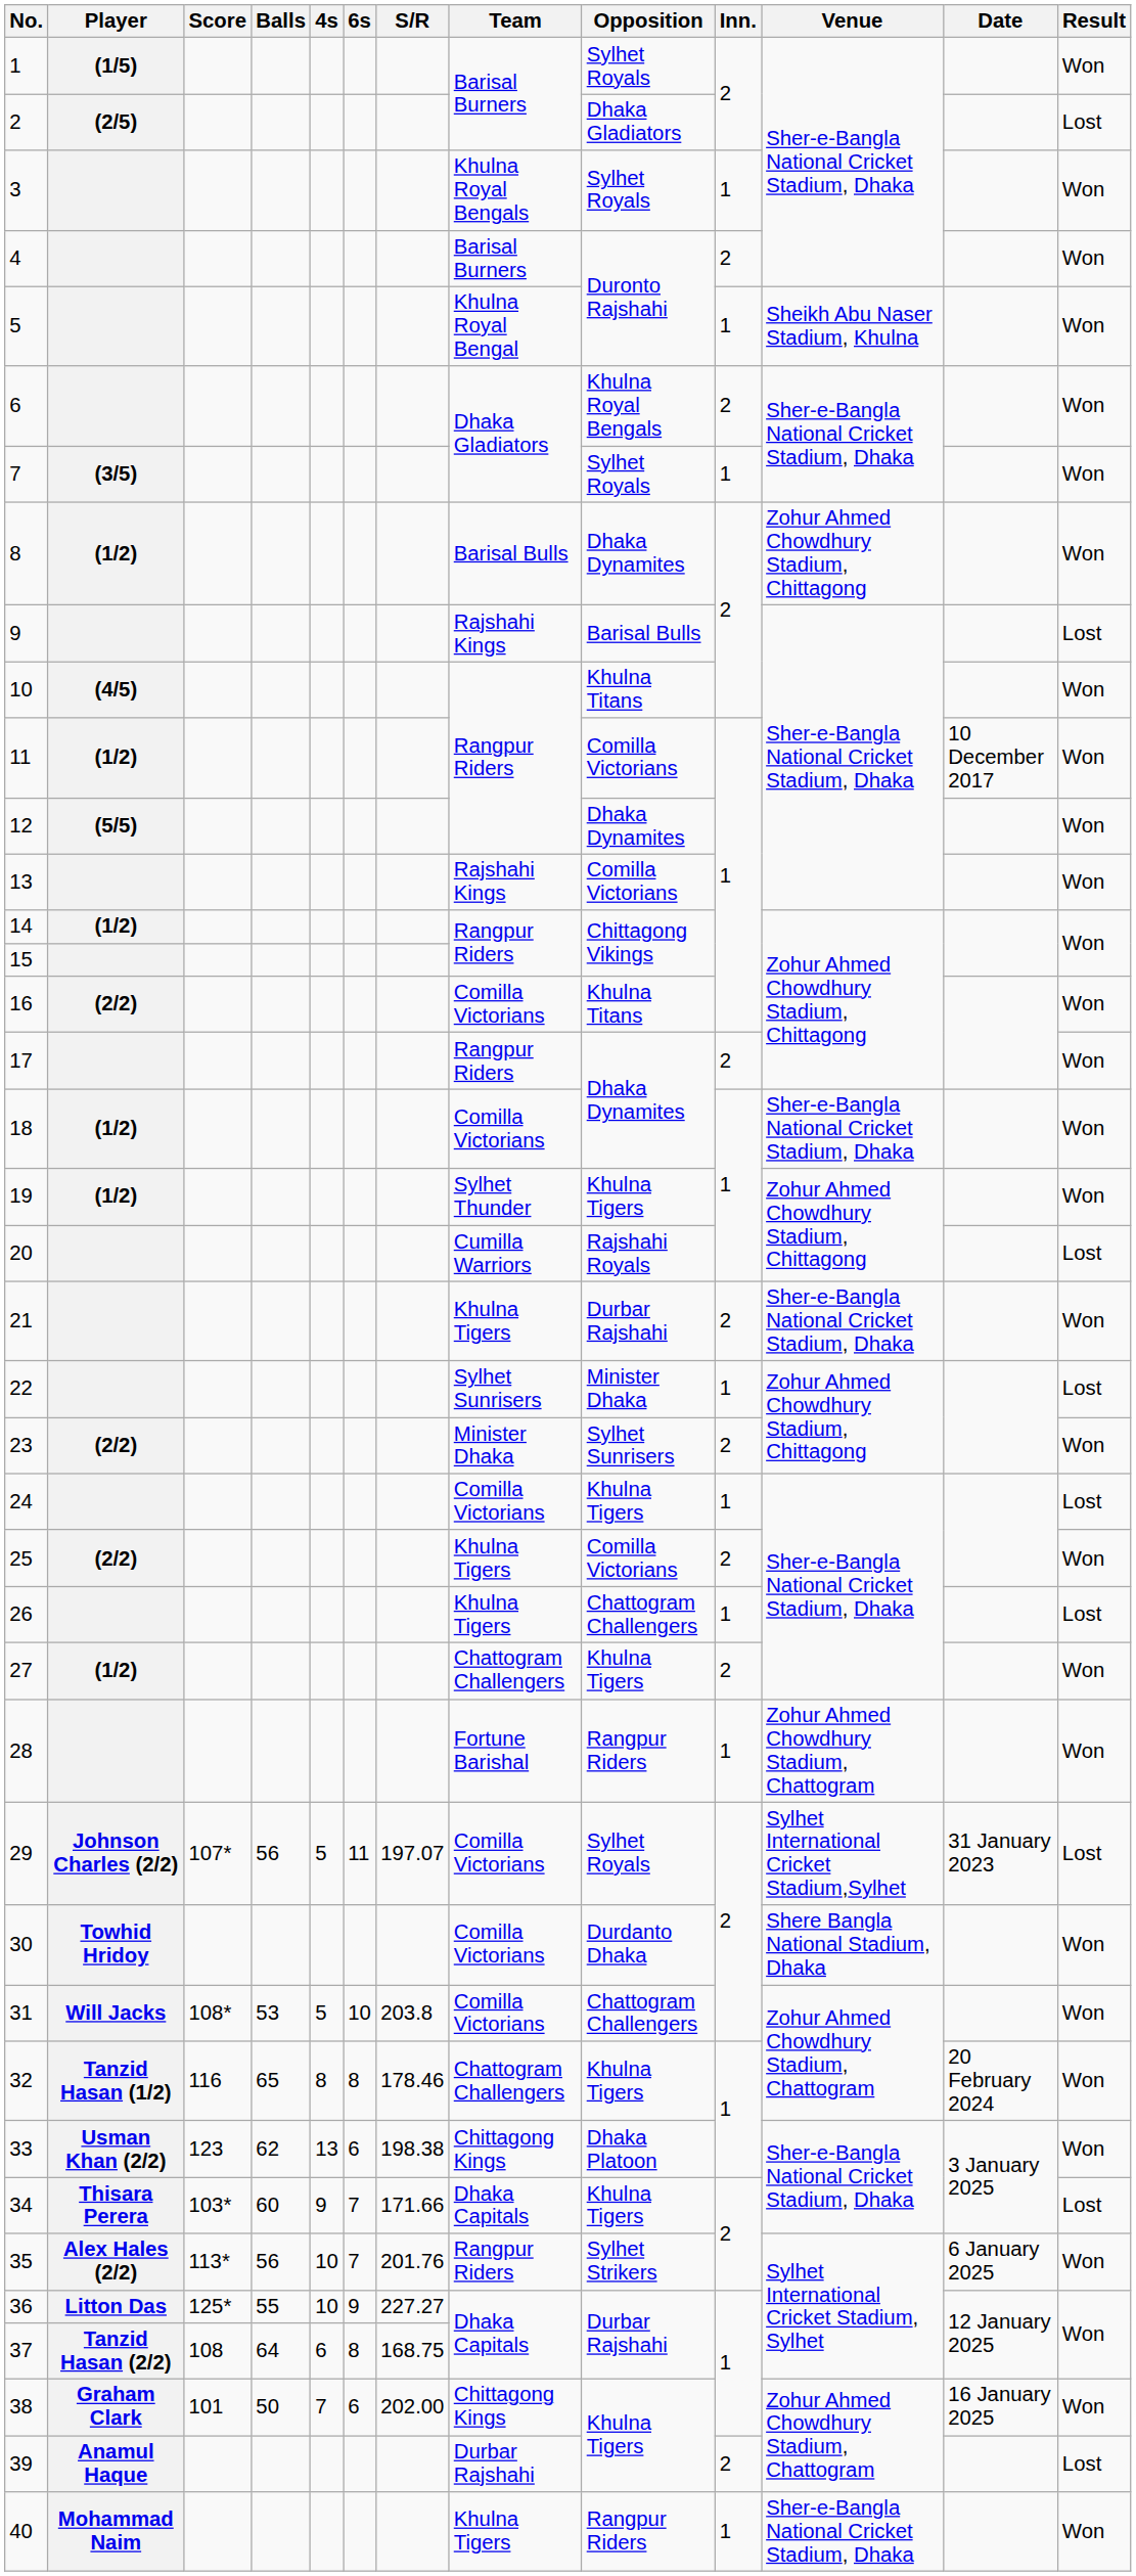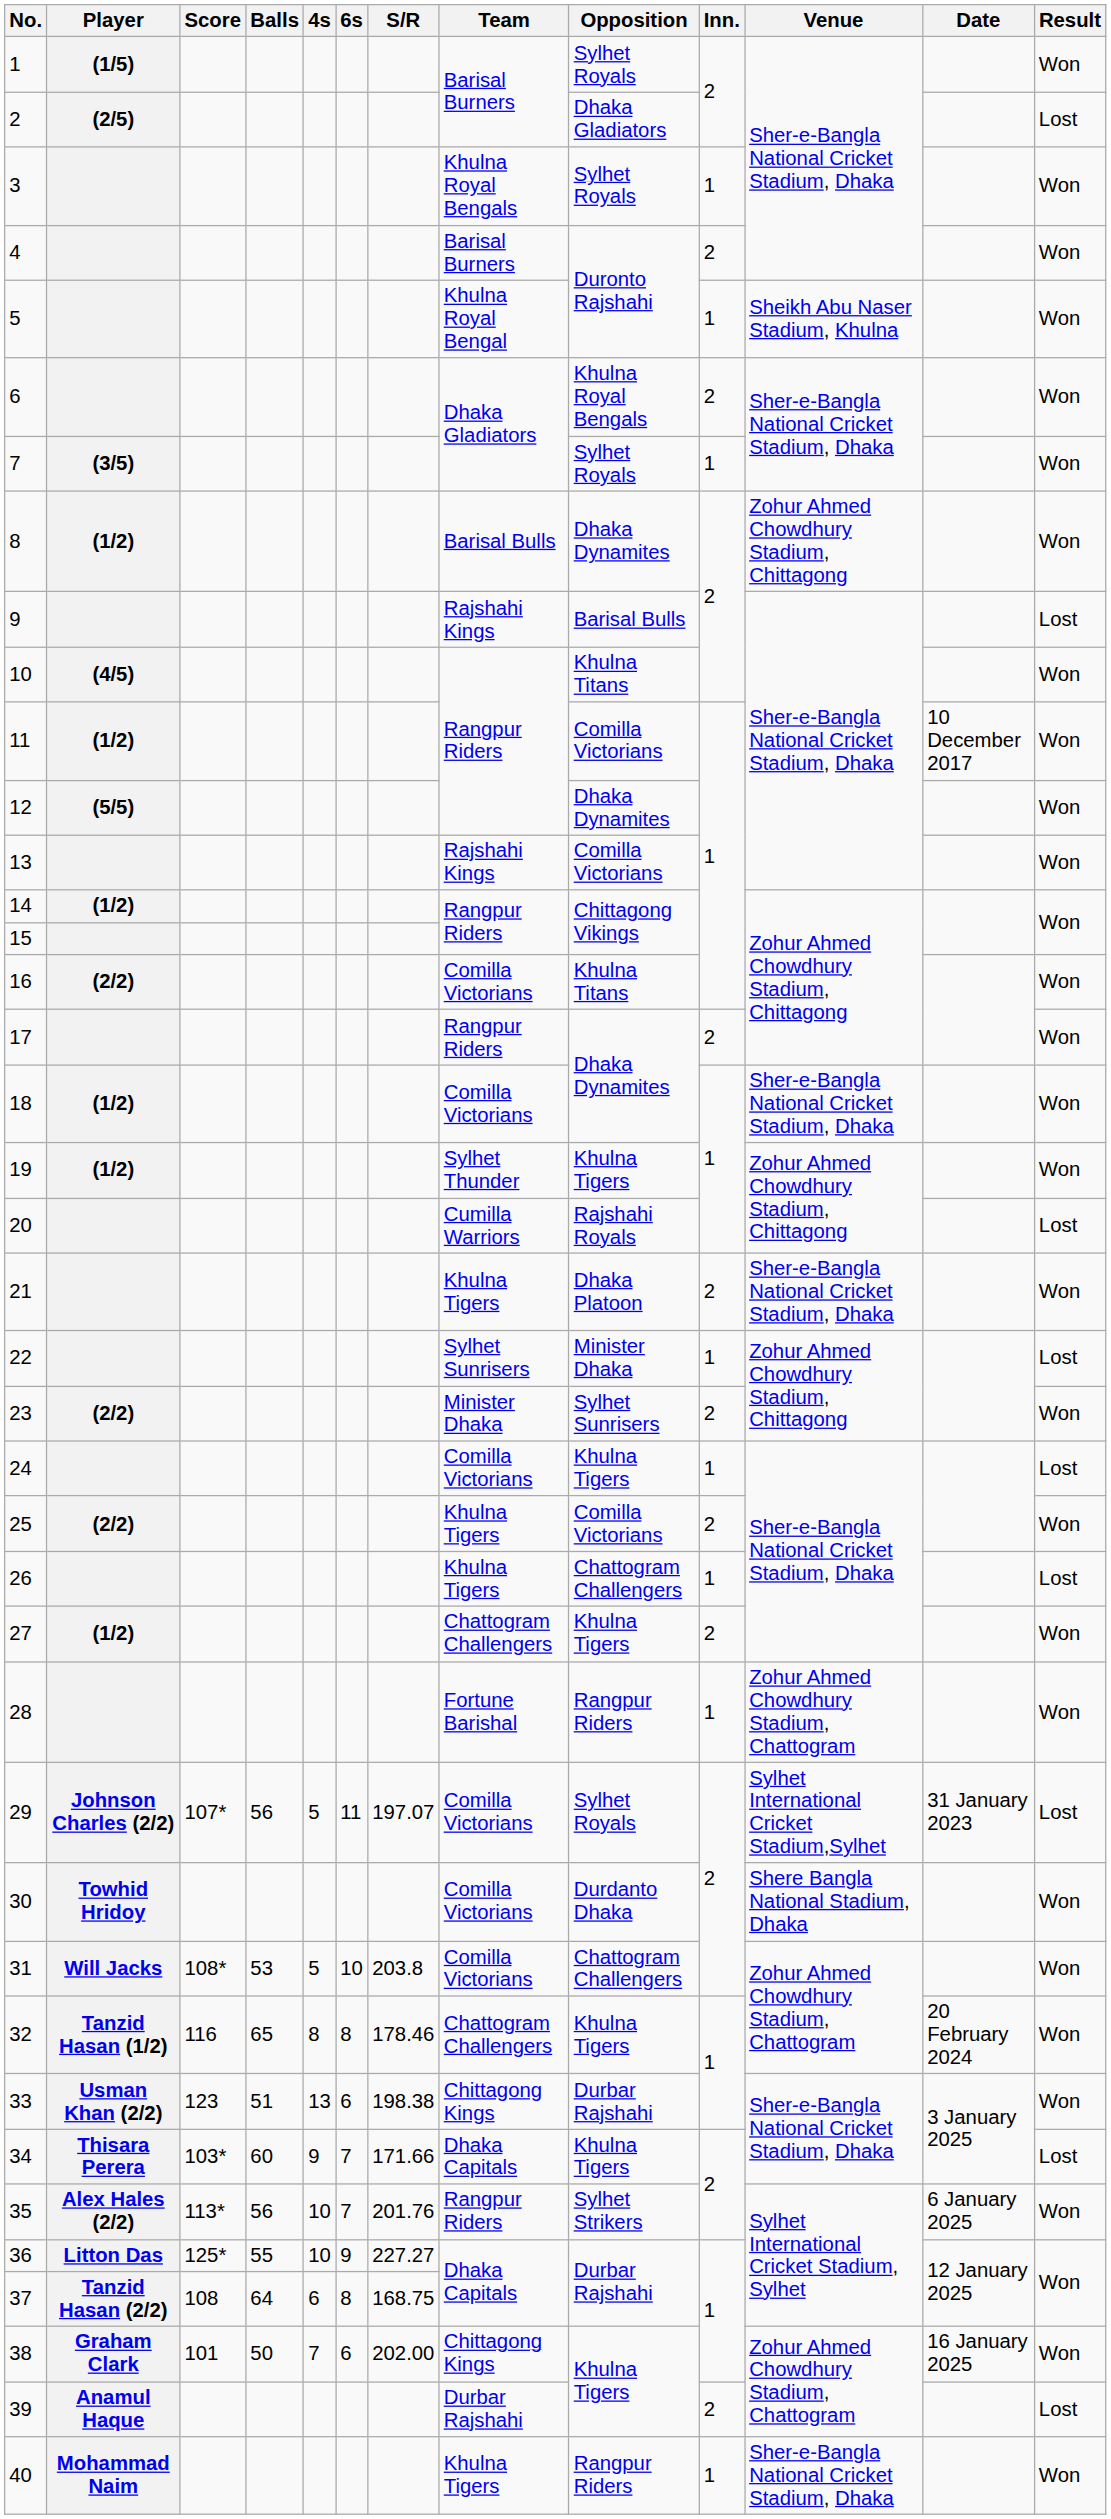 <table class="wikitable plainrowheaders sortable">
 <tr>
 <th>No.</th>
 <th>Player</th>
 <th>Score</th>
 <th>Balls</th>
 <th>4s</th>
 <th>6s</th>
 <th>S/R</th>
 <th>Team</th>
 <th>Opposition</th>
 <th>Inn.</th>
 <th>Venue</th>
 <th>Date</th>
 <th style="white=space:nowrap">Result</th>
 </tr>
 <tr>
 <td>1</td>
 <th scope="row">  (1/5)</th>
 <td></td>
 <td></td>
 <td></td>
 <td></td>
 <td></td>
 <td rowspan=2><a href='#'>Barisal Burners</a></td>
 <td><a href='#'>Sylhet Royals</a></td>
 <td rowspan=2>2</td>
 <td rowspan=4><a href='#'>Sher-e-Bangla National Cricket Stadium</a>, <a href='#'>Dhaka</a></td>
 <td></td>
 <td>Won</td>
 </tr>
 <tr>
 <td>2</td>
 <th scope="row"> (2/5)</th>
 <td></td>
 <td></td>
 <td></td>
 <td></td>
 <td></td>
 <td><a href='#'>Dhaka Gladiators</a></td>
 <td></td>
 <td>Lost</td>
 </tr>
 <tr>
 <td>3</td>
 <th scope="row"></th>
 <td></td>
 <td></td>
 <td></td>
 <td></td>
 <td></td>
 <td><a href='#'>Khulna Royal Bengals</a></td>
 <td><a href='#'>Sylhet Royals</a></td>
 <td>1</td>
 <td></td>
 <td>Won</td>
 </tr>
 <tr>
 <td>4</td>
 <th scope="row"></th>
 <td></td>
 <td></td>
 <td></td>
 <td></td>
 <td></td>
 <td><a href='#'>Barisal Burners</a></td>
 <td rowspan=2><a href='#'>Duronto Rajshahi</a></td>
 <td>2</td>
 <td></td>
 <td>Won</td>
 </tr>
 <tr>
 <td>5</td>
 <th scope="row"> </th>
 <td></td>
 <td></td>
 <td></td>
 <td></td>
 <td></td>
 <td><a href='#'>Khulna Royal Bengal</a></td>
 <td>1</td>
 <td><a href='#'>Sheikh Abu Naser Stadium</a>, <a href='#'>Khulna</a></td>
 <td></td>
 <td>Won</td>
 </tr>
 <tr>
 <td>6</td>
 <th scope="row"> </th>
 <td></td>
 <td></td>
 <td></td>
 <td></td>
 <td></td>
 <td rowspan=2><a href='#'>Dhaka Gladiators</a></td>
 <td><a href='#'>Khulna Royal Bengals</a></td>
 <td>2</td>
 <td rowspan=2><a href='#'>Sher-e-Bangla National Cricket Stadium</a>, <a href='#'>Dhaka</a></td>
 <td></td>
 <td>Won</td>
 </tr>
 <tr>
 <td>7</td>
 <th scope="row">  (3/5)</th>
 <td></td>
 <td></td>
 <td></td>
 <td></td>
 <td></td>
 <td><a href='#'>Sylhet Royals</a></td>
 <td>1</td>
 <td></td>
 <td>Won</td>
 </tr>
 <tr>
 <td>8</td>
 <th scope="row">  (1/2)</th>
 <td></td>
 <td></td>
 <td></td>
 <td></td>
 <td></td>
 <td><a href='#'>Barisal Bulls</a></td>
 <td><a href='#'>Dhaka Dynamites</a></td>
 <td rowspan=3>2</td>
 <td><a href='#'>Zohur Ahmed Chowdhury Stadium</a>, <a href='#'>Chittagong</a></td>
 <td></td>
 <td>Won</td>
 </tr>
 <tr>
 <td>9</td>
 <th scope="row"> </th>
 <td></td>
 <td></td>
 <td></td>
 <td></td>
 <td></td>
 <td><a href='#'>Rajshahi Kings</a></td>
 <td><a href='#'>Barisal Bulls</a></td>
 <td rowspan=5><a href='#'>Sher-e-Bangla National Cricket Stadium</a>, <a href='#'>Dhaka</a></td>
 <td></td>
 <td>Lost</td>
 </tr>
 <tr>
 <td>10</td>
 <th scope="row">  (4/5)</th>
 <td></td>
 <td></td>
 <td></td>
 <td></td>
 <td></td>
 <td rowspan=3><a href='#'>Rangpur Riders</a></td>
 <td><a href='#'>Khulna Titans</a></td>
 <td></td>
 <td>Won</td>
 </tr>
 <tr>
 <td>11</td>
 <th scope="row"> (1/2)</th>
 <td></td>
 <td></td>
 <td></td>
 <td></td>
 <td></td>
 <td><a href='#'>Comilla Victorians</a></td>
 <td rowspan=6>1</td>
 <td>10 December 2017</td>
 <td>Won</td>
 </tr>
 <tr>
 <td>12</td>
 <th scope="row">  (5/5)</th>
 <td></td>
 <td></td>
 <td></td>
 <td></td>
 <td></td>
 <td><a href='#'>Dhaka Dynamites</a></td>
 <td></td>
 <td>Won</td>
 </tr>
 <tr>
 <td>13</td>
 <th scope="row"> </th>
 <td></td>
 <td></td>
 <td></td>
 <td></td>
 <td></td>
 <td><a href='#'>Rajshahi Kings</a></td>
 <td><a href='#'>Comilla Victorians</a></td>
 <td></td>
 <td>Won</td>
 </tr>
 <tr>
 <td>14</td>
 <th scope="row">  (1/2)</th>
 <td></td>
 <td></td>
 <td></td>
 <td></td>
 <td></td>
 <td rowspan=2><a href='#'>Rangpur Riders</a></td>
 <td rowspan=2><a href='#'>Chittagong Vikings</a></td>
 <td rowspan=4><a href='#'>Zohur Ahmed Chowdhury Stadium</a>, <a href='#'>Chittagong</a></td>
 <td rowspan=2></td>
 <td rowspan=2>Won</td>
 </tr>
 <tr>
 <td>15</td>
 <th scope="row"></th>
 <td></td>
 <td></td>
 <td></td>
 <td></td>
 <td></td>
 </tr>
 <tr>
 <td>16</td>
 <th scope="row">  (2/2)</th>
 <td></td>
 <td></td>
 <td></td>
 <td></td>
 <td></td>
 <td><a href='#'>Comilla Victorians</a></td>
 <td><a href='#'>Khulna Titans</a></td>
 <td rowspan=2></td>
 <td>Won</td>
 </tr>
 <tr>
 <td>17</td>
 <th scope="row"> </th>
 <td></td>
 <td></td>
 <td></td>
 <td></td>
 <td></td>
 <td><a href='#'>Rangpur Riders</a></td>
 <td rowspan=2><a href='#'>Dhaka Dynamites</a></td>
 <td>2</td>
 <td>Won</td>
 </tr>
 <tr>
 <td>18</td>
 <th scope="row">  (1/2)</th>
 <td></td>
 <td></td>
 <td></td>
 <td></td>
 <td></td>
 <td><a href='#'>Comilla Victorians</a></td>
 <td rowspan=3>1</td>
 <td><a href='#'>Sher-e-Bangla National Cricket Stadium</a>, <a href='#'>Dhaka</a></td>
 <td></td>
 <td>Won</td>
 </tr>
 <tr>
 <td>19</td>
 <th scope="row">  (1/2)</th>
 <td></td>
 <td></td>
 <td></td>
 <td></td>
 <td></td>
 <td><a href='#'>Sylhet Thunder</a></td>
 <td><a href='#'>Khulna Tigers</a></td>
 <td rowspan=2><a href='#'>Zohur Ahmed Chowdhury Stadium</a>, <a href='#'>Chittagong</a></td>
 <td></td>
 <td>Won</td>
 </tr>
 <tr>
 <td>20</td>
 <th scope="row"> </th>
 <td></td>
 <td></td>
 <td></td>
 <td></td>
 <td></td>
 <td><a href='#'>Cumilla Warriors</a></td>
 <td><a href='#'>Rajshahi Royals</a></td>
 <td></td>
 <td>Lost</td>
 </tr>
 <tr>
 <td>21</td>
 <th scope="row"> </th>
 <td></td>
 <td></td>
 <td></td>
 <td></td>
 <td></td>
 <td><a href='#'>Khulna Tigers</a></td>
-<td><a href='#'>Durbar Rajshahi</a></td>
+<td><a href='#'>Dhaka Platoon</a></td>
 <td>2</td>
 <td><a href='#'>Sher-e-Bangla National Cricket Stadium</a>, <a href='#'>Dhaka</a></td>
 <td></td>
 <td>Won</td>
 </tr>
 <tr>
 <td>22</td>
 <th scope="row"></th>
 <td></td>
 <td></td>
 <td></td>
 <td></td>
 <td></td>
 <td><a href='#'>Sylhet Sunrisers</a></td>
 <td><a href='#'>Minister Dhaka</a></td>
 <td>1</td>
 <td rowspan=2><a href='#'>Zohur Ahmed Chowdhury Stadium</a>, <a href='#'>Chittagong</a></td>
 <td rowspan=2></td>
 <td>Lost</td>
 </tr>
 <tr>
 <td>23</td>
 <th scope="row">  (2/2)</th>
 <td></td>
 <td></td>
 <td></td>
 <td></td>
 <td></td>
 <td><a href='#'>Minister Dhaka</a></td>
 <td><a href='#'>Sylhet Sunrisers</a></td>
 <td>2</td>
 <td>Won</td>
 </tr>
 <tr>
 <td>24</td>
 <th scope="row"></th>
 <td></td>
 <td></td>
 <td></td>
 <td></td>
 <td></td>
 <td><a href='#'>Comilla Victorians</a></td>
 <td><a href='#'>Khulna Tigers</a></td>
 <td>1</td>
 <td rowspan="4"><a href='#'>Sher-e-Bangla National Cricket Stadium</a>, <a href='#'>Dhaka</a></td>
 <td rowspan=2></td>
 <td>Lost</td>
 </tr>
 <tr>
 <td>25</td>
 <th scope="row">  (2/2)</th>
 <td></td>
 <td></td>
 <td></td>
 <td></td>
 <td></td>
 <td><a href='#'>Khulna Tigers</a></td>
 <td><a href='#'>Comilla Victorians</a></td>
 <td>2</td>
 <td>Won</td>
 </tr>
 <tr>
 <td>26</td>
 <th scope="row"></th>
 <td></td>
 <td></td>
 <td></td>
 <td></td>
 <td></td>
 <td><a href='#'>Khulna Tigers</a></td>
 <td><a href='#'>Chattogram Challengers</a></td>
 <td>1</td>
 <td></td>
 <td>Lost</td>
 </tr>
 <tr>
 <td>27</td>
 <th scope="row"> (1/2)</th>
 <td></td>
 <td></td>
 <td></td>
 <td></td>
 <td></td>
 <td><a href='#'>Chattogram Challengers</a></td>
 <td><a href='#'>Khulna Tigers</a></td>
 <td>2</td>
 <td></td>
 <td>Won</td>
 </tr>
 <tr>
 <td>28</td>
 <th scope="row"></th>
 <td></td>
 <td></td>
 <td></td>
 <td></td>
 <td></td>
 <td><a href='#'>Fortune Barishal</a></td>
 <td><a href='#'>Rangpur Riders</a></td>
 <td>1</td>
 <td><a href='#'>Zohur Ahmed Chowdhury Stadium</a>, <a href='#'>Chattogram</a></td>
 <td></td>
 <td>Won</td>
 </tr>
 <tr>
 <td>29</td>
 <th scope=row><a href='#'>Johnson Charles</a> (2/2)</th>
 <td>107*</td>
 <td>56</td>
 <td>5</td>
 <td>11</td>
 <td>197.07</td>
 <td><a href='#'>Comilla Victorians</a></td>
 <td><a href='#'>Sylhet Royals</a></td>
 <td rowspan="3">2</td>
 <td><a href='#'>Sylhet International Cricket Stadium</a>,<a href='#'>Sylhet</a></td>
 <td>31 January 2023</td>
 <td>Lost</td>
 </tr>
 <tr>
 <td>30</td>
 <th scope="row"><a href='#'>Towhid Hridoy</a></th>
 <td></td>
 <td></td>
 <td></td>
 <td></td>
 <td></td>
 <td><a href='#'>Comilla Victorians</a></td>
 <td><a href='#'>Durdanto Dhaka</a></td>
 <td><a href='#'>Shere Bangla National Stadium</a>, <a href='#'>Dhaka</a></td>
 <td></td>
 <td>Won</td>
 </tr>
 <tr>
 <td>31</td>
 <th scope=row><a href='#'>Will Jacks</a></th>
 <td>108*</td>
 <td>53</td>
 <td>5</td>
 <td>10</td>
 <td>203.8</td>
 <td><a href='#'>Comilla Victorians</a></td>
 <td><a href='#'>Chattogram Challengers</a></td>
 <td rowspan="2"><a href='#'>Zohur Ahmed Chowdhury Stadium</a>, <a href='#'>Chattogram</a></td>
 <td></td>
 <td>Won</td>
 </tr>
 <tr>
 <td>32</td>
 <th scope="row"><a href='#'>Tanzid Hasan</a> (1/2)</th>
 <td>116</td>
 <td>65</td>
 <td>8</td>
 <td>8</td>
 <td>178.46</td>
 <td><a href='#'>Chattogram Challengers</a></td>
 <td><a href='#'>Khulna Tigers</a></td>
 <td rowspan="2">1</td>
 <td>20 February 2024</td>
 <td>Won</td>
 </tr>
 <tr>
 <td>33</td>
 <th scope="row"><a href='#'>Usman Khan</a> (2/2)</th>
 <td>123</td>
-<td>62</td>
+<td>51</td>
 <td>13</td>
 <td>6</td>
 <td>198.38</td>
 <td><a href='#'>Chittagong Kings</a></td>
-<td><a href='#'>Dhaka Platoon</a></td>
+<td><a href='#'>Durbar Rajshahi</a></td>
 <td rowspan="2"><a href='#'>Sher-e-Bangla National Cricket Stadium</a>, <a href='#'>Dhaka</a></td>
 <td rowspan="2">3 January 2025</td>
 <td>Won</td>
 </tr>
 <tr>
 <td>34</td>
 <th scope="row"><a href='#'>Thisara Perera</a></th>
 <td>103*</td>
 <td>60</td>
 <td>9</td>
 <td>7</td>
 <td>171.66</td>
 <td><a href='#'>Dhaka Capitals</a></td>
 <td><a href='#'>Khulna Tigers</a></td>
 <td rowspan="2">2</td>
 <td>Lost</td>
 </tr>
 <tr>
 <td>35</td>
 <th scope="row"><a href='#'>Alex Hales</a>  (2/2)</th>
 <td>113*</td>
 <td>56</td>
 <td>10</td>
 <td>7</td>
 <td>201.76</td>
 <td><a href='#'>Rangpur Riders</a></td>
 <td><a href='#'>Sylhet Strikers</a></td>
 <td rowspan="3"><a href='#'>Sylhet International Cricket Stadium</a>, <a href='#'>Sylhet</a></td>
 <td>6 January 2025</td>
 <td>Won</td>
 </tr>
 <tr>
 <td>36</td>
 <th scope="row"><a href='#'>Litton Das</a> </th>
 <td>125*</td>
 <td>55</td>
 <td>10</td>
 <td>9</td>
 <td>227.27</td>
 <td rowspan="2"><a href='#'>Dhaka Capitals</a></td>
 <td rowspan="2"><a href='#'>Durbar Rajshahi</a></td>
 <td rowspan="3">1</td>
 <td rowspan="2">12 January 2025</td>
 <td rowspan="2">Won</td>
 </tr>
 <tr>
 <td>37</td>
 <th scope="row"><a href='#'>Tanzid Hasan</a> (2/2)</th>
 <td>108</td>
 <td>64</td>
 <td>6</td>
 <td>8</td>
 <td>168.75</td>
 </tr>
 <tr>
 <td>38</td>
 <th scope="row"><a href='#'>Graham Clark</a> </th>
 <td>101</td>
 <td>50</td>
 <td>7</td>
 <td>6</td>
 <td>202.00</td>
 <td><a href='#'>Chittagong Kings</a></td>
 <td rowspan="2"><a href='#'>Khulna Tigers</a></td>
 <td rowspan="2"><a href='#'>Zohur Ahmed Chowdhury Stadium</a>, <a href='#'>Chattogram</a></td>
 <td>16 January 2025</td>
 <td>Won</td>
 </tr>
 <tr>
 <td>39</td>
 <th scope="row"><a href='#'>Anamul Haque</a></th>
 <td></td>
 <td></td>
 <td></td>
 <td></td>
 <td></td>
 <td><a href='#'>Durbar Rajshahi</a></td>
 <td>2</td>
 <td></td>
 <td>Lost</td>
 </tr>
 <tr>
 <td>40</td>
 <th scope="row"><a href='#'>Mohammad Naim</a></th>
 <td></td>
 <td></td>
 <td></td>
 <td></td>
 <td></td>
 <td><a href='#'>Khulna Tigers</a></td>
 <td><a href='#'>Rangpur Riders</a></td>
 <td>1</td>
 <td><a href='#'>Sher-e-Bangla National Cricket Stadium</a>, <a href='#'>Dhaka</a></td>
 <td></td>
 <td>Won</td>
 </tr>
 </table>
